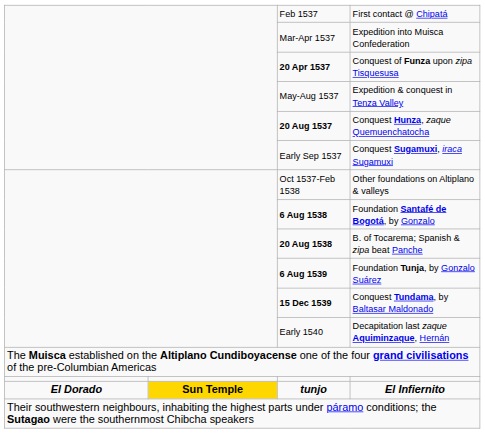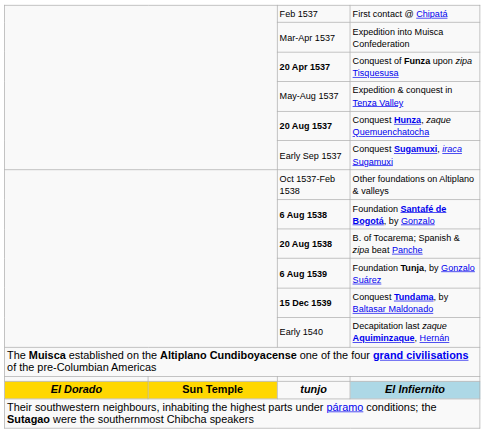 <table class="wikitable" width=700 align=right>
 <tr>
 <td rowspan=6 colspan=2></td>
 <td width=100><small>Feb 1537</small></td>
 <td colspan=2 width=200><small>First contact @ <a href='#'>Chipatá</a></small></td>
 </tr>
 <tr>
 <td><small>Mar-Apr 1537</small></td>
 <td colspan=2 width=200><small>Expedition into Muisca Confederation</small></td>
 </tr>
 <tr>
 <td><small><strong>20 Apr 1537</strong></small></td>
 <td colspan=2 width=200><small>Conquest of <strong>Funza</strong> upon <em>zipa</em> <a href='#'>Tisquesusa</a></small></td>
 </tr>
 <tr>
 <td><small>May-Aug 1537</small></td>
 <td colspan=2 width=200><small>Expedition & conquest in <a href='#'>Tenza Valley</a></small></td>
 </tr>
 <tr>
 <td><small><strong>20 Aug 1537</strong></small></td>
 <td colspan=2 width=200><small>Conquest <strong><a href='#'>Hunza</a></strong>, <em>zaque</em> <a href='#'>Quemuenchatocha</a></small></td>
 </tr>
 <tr>
 <td><small>Early Sep 1537</small></td>
 <td colspan=2 width=200><small>Conquest <strong><a href='#'>Sugamuxi</a></strong>, <em><a href='#'>iraca</a></em> <a href='#'>Sugamuxi</a></small></td>
 </tr>
 <tr>
 <td rowspan=6 colspan=2></td>
 <td><small>Oct 1537-Feb 1538</small></td>
 <td colspan=2 width=200><small>Other foundations on Altiplano & valleys</small></td>
 </tr>
 <tr>
 <td><small><strong>6 Aug 1538</strong></small></td>
 <td colspan=2 width=200><small>Foundation <strong><a href='#'>Santafé de Bogotá</a></strong>, by <a href='#'>Gonzalo</a></small></td>
 </tr>
 <tr>
 <td><small><strong>20 Aug 1538</strong></small></td>
 <td colspan=2 width=200><small>B. of Tocarema; Spanish & <em>zipa</em> beat <a href='#'>Panche</a></small></td>
 </tr>
 <tr>
 <td><small><strong>6 Aug 1539</strong></small></td>
 <td colspan=2 width=200><small>Foundation <strong>Tunja</strong>, by <a href='#'>Gonzalo Suárez</a></small></td>
 </tr>
 <tr>
 <td><small><strong>15 Dec 1539</strong></small></td>
 <td colspan=2 width=200><small>Conquest <strong><a href='#'>Tundama</a></strong>, by <a href='#'>Baltasar Maldonado</a></small></td>
 </tr>
 <tr>
 <td><small>Early 1540</small></td>
 <td colspan=2 width=200><small>Decapitation last <em>zaque</em> <strong><a href='#'>Aquiminzaque</a></strong>, <a href='#'>Hernán</a></small></td>
 </tr>
 <tr>
 <td colspan=5>The <strong>Muisca</strong> established on the <strong>Altiplano Cundiboyacense</strong> one of the four <strong><a href='#'>grand civilisations</a></strong> of the pre-Columbian Americas</td>
 </tr>
 <tr>
 <td align=center width=204></td>
 <td align=center width=182></td>
 <td align=center></td>
 <td align=center></td>
 </tr>
 <tr>
-<td align=center width=169><strong><em>El Dorado</em></strong></td>
+<td align=center width=169 style="background: gold;"><strong><em>El Dorado</em></strong></td>
 <td align=center width=169 style="background: gold;"><strong>Sun Temple</strong></td>
 <td align=center><strong><em>tunjo</em></strong></td>
-<td align=center><strong><em>El Infiernito</em></strong></td>
+<td align=center style="background: lightblue;"><strong><em>El Infiernito</em></strong></td>
 </tr>
 <tr>
 <td colspan=5>Their southwestern neighbours, inhabiting the highest parts under <a href='#'>páramo</a> conditions; the <strong>Sutagao</strong> were the southernmost Chibcha speakers</td>
 </tr>
 </table>
